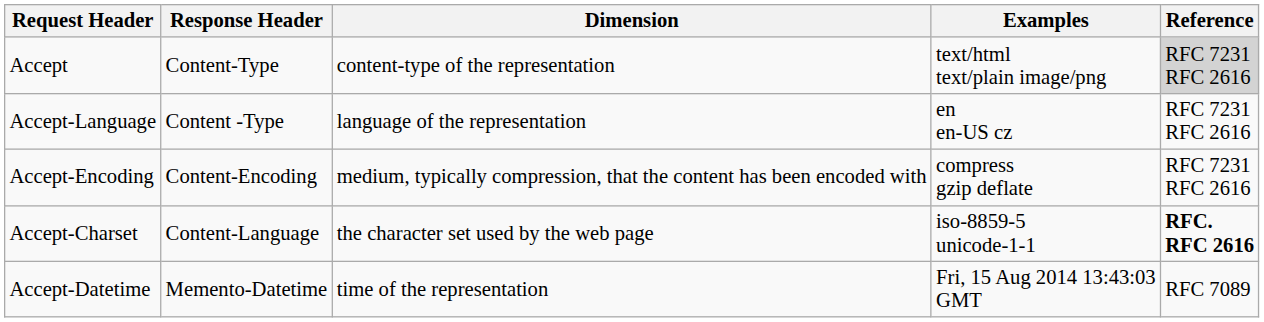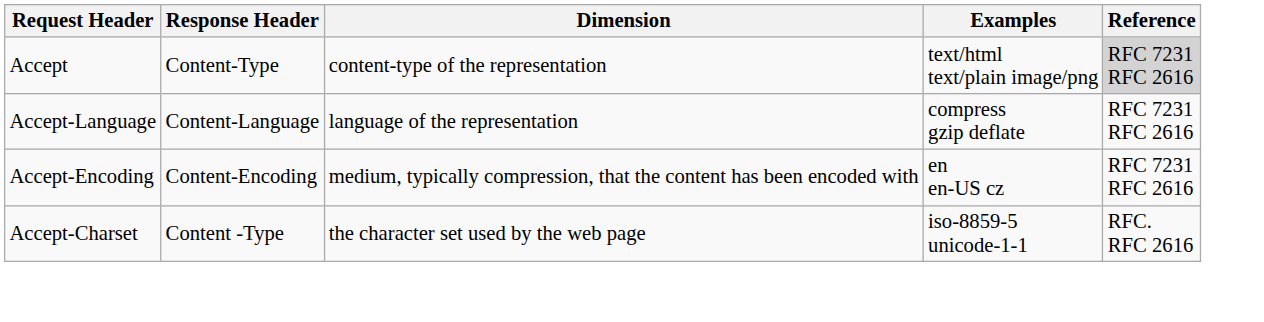 <table class="wikitable">
 <tr>
 <th>Request Header</th>
 <th>Response Header</th>
 <th>Dimension</th>
 <th>Examples</th>
 <th>Reference</th>
 </tr>
 <tr>
 <td>Accept</td>
 <td>Content-Type</td>
 <td>content-type of the representation</td>
 <td>text/html<br>text/plain image/png</td>
 <td style="background: lightgrey;">RFC 7231<br>RFC 2616</td>
 </tr>
 <tr>
 <td>Accept-Language</td>
-<td>Content -Type</td>
+<td>Content-Language</td>
 <td>language of the representation</td>
-<td>en<br>en-US cz</td>
+<td>compress<br>gzip deflate</td>
 <td>RFC 7231<br>RFC 2616</td>
 </tr>
 <tr>
 <td>Accept-Encoding</td>
 <td>Content-Encoding</td>
 <td>medium, typically compression, that the content has been encoded with</td>
-<td>compress<br>gzip deflate</td>
+<td>en<br>en-US cz</td>
 <td>RFC 7231<br>RFC 2616</td>
 </tr>
 <tr>
 <td>Accept-Charset</td>
-<td>Content-Language</td>
+<td>Content -Type</td>
 <td>the character set used by the web page</td>
 <td>iso-8859-5<br>unicode-1-1</td>
-<td><strong>RFC.<br>RFC 2616</strong></td>
-</tr>
-<tr>
-<td>Accept-Datetime</td>
-<td>Memento-Datetime</td>
-<td>time of the representation</td>
-<td>Fri, 15 Aug 2014 13:43:03<br>GMT</td>
-<td>RFC 7089</td>
+<td>RFC.<br>RFC 2616</td>
 </tr>
 </table>
